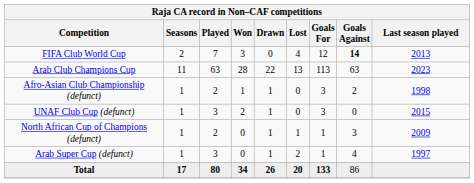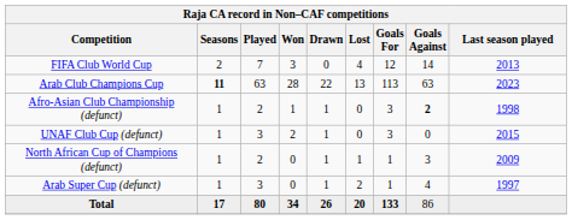 <table class="wikitable" style="font-size:95%; text-align: center;">
 <tr>
 <th colspan="9">Raja CA record in Non–CAF competitions</th>
 </tr>
 <tr>
 <th width="250">Competition</th>
 <th width="30">Seasons</th>
 <th width="30">Played</th>
 <th width="30">Won</th>
 <th width="30">Drawn</th>
 <th width="30">Lost</th>
 <th width="30">Goals For</th>
 <th width="30">Goals Against</th>
 <th width="150">Last season played</th>
 </tr>
 <tr>
 <td><a href='#'>FIFA Club World Cup</a></td>
 <td>2</td>
 <td>7</td>
 <td>3</td>
 <td>0</td>
 <td>4</td>
 <td>12</td>
-<td><strong>14</strong></td>
+<td>14</td>
 <td><a href='#'>2013</a></td>
 </tr>
 <tr>
 <td><a href='#'>Arab Club Champions Cup</a></td>
-<td>11</td>
+<td><strong>11</strong></td>
 <td>63</td>
 <td>28</td>
 <td>22</td>
 <td>13</td>
 <td>113</td>
 <td>63</td>
 <td><a href='#'>2023</a></td>
 </tr>
 <tr>
 <td><a href='#'>Afro-Asian Club Championship</a> <em>(defunct)</em></td>
 <td>1</td>
 <td>2</td>
 <td>1</td>
 <td>1</td>
 <td>0</td>
 <td>3</td>
-<td>2</td>
+<td><strong>2</strong></td>
 <td><a href='#'>1998</a></td>
 </tr>
 <tr>
 <td><a href='#'>UNAF Club Cup</a> <em>(defunct)</em></td>
 <td>1</td>
 <td>3</td>
 <td>2</td>
 <td>1</td>
 <td>0</td>
 <td>3</td>
 <td>0</td>
 <td><a href='#'>2015</a></td>
 </tr>
 <tr>
 <td><a href='#'>North African Cup of Champions</a> <em>(defunct)</em></td>
 <td>1</td>
 <td>2</td>
 <td>0</td>
 <td>1</td>
 <td>1</td>
 <td>1</td>
 <td>3</td>
 <td><a href='#'>2009</a></td>
 </tr>
 <tr>
 <td><a href='#'>Arab Super Cup</a> <em>(defunct)</em></td>
 <td>1</td>
 <td>3</td>
 <td>0</td>
 <td>1</td>
 <td>2</td>
 <td>1</td>
 <td>4</td>
 <td><a href='#'>1997</a></td>
 </tr>
 <tr bgcolor="#EEEEEE">
 <td><strong>Total</strong></td>
 <td><strong>17</strong></td>
 <td><strong>80</strong></td>
 <td><strong>34</strong></td>
 <td><strong>26</strong></td>
 <td><strong>20</strong></td>
 <td><strong>133</strong></td>
 <td>86</td>
 <td></td>
 </tr>
 <tr>
 </tr>
 </table>
